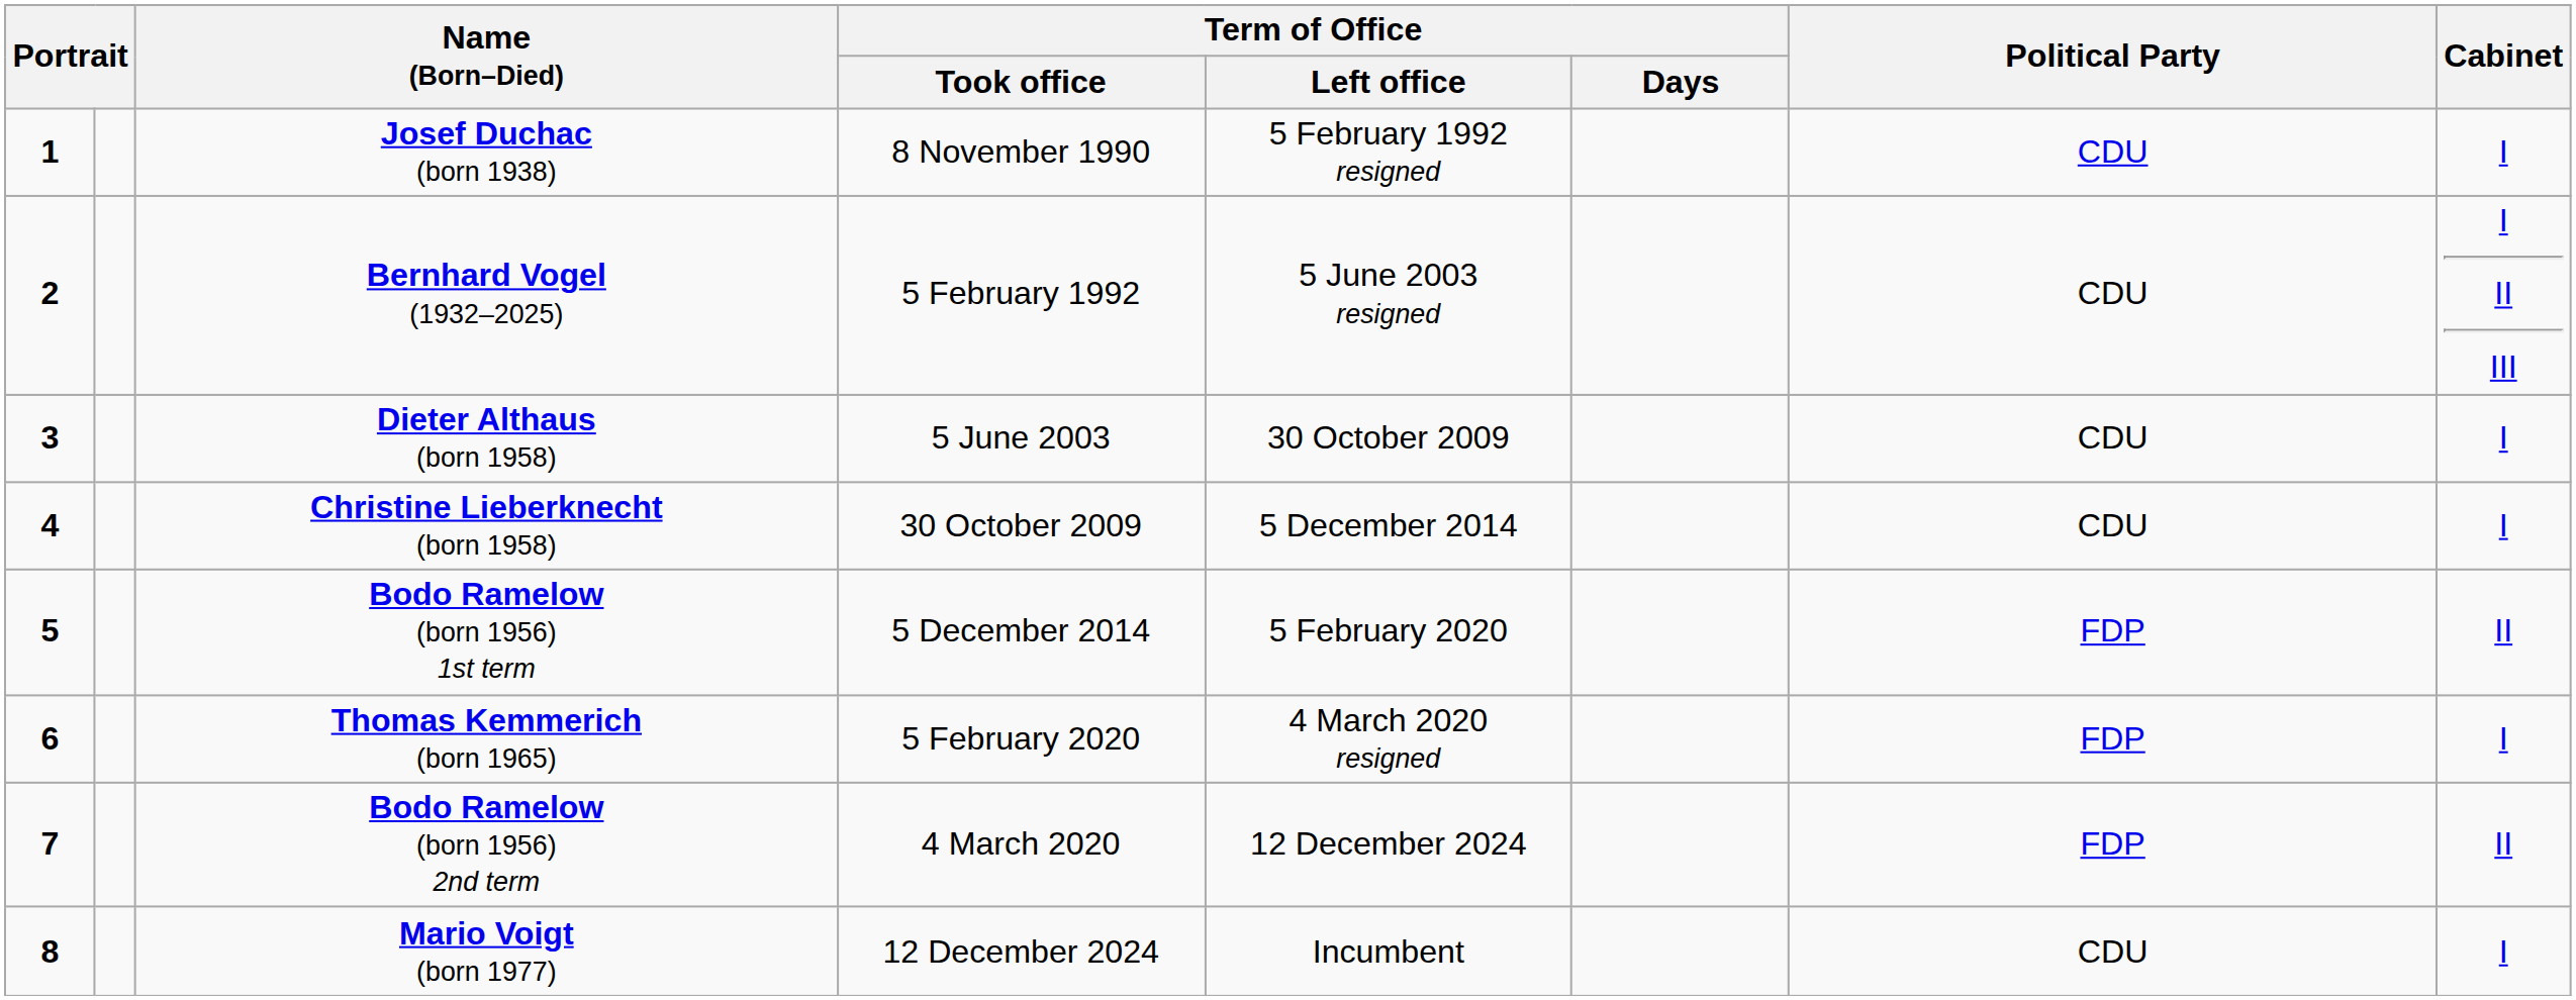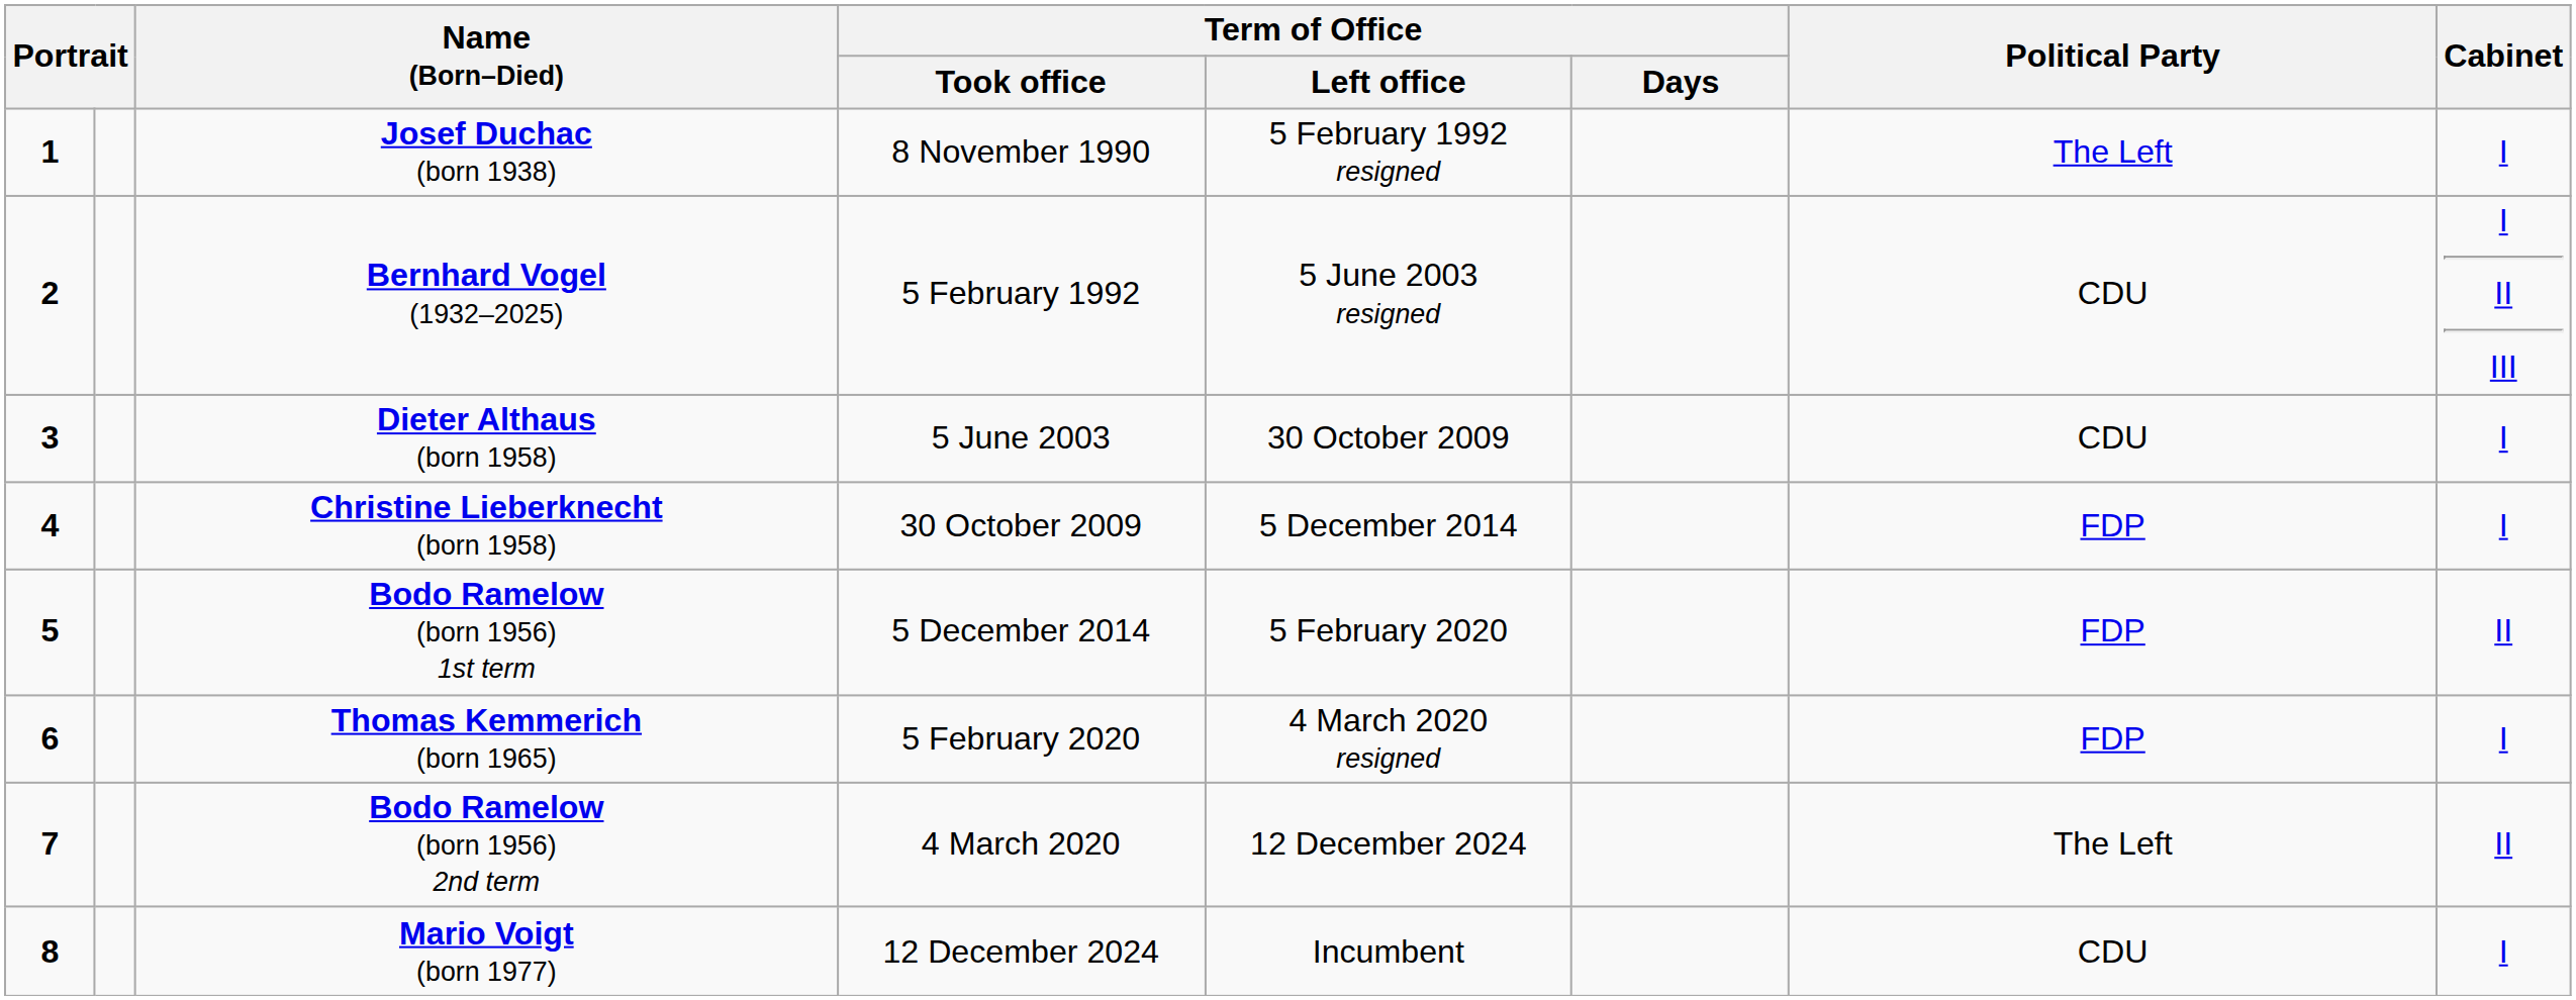 <table class="wikitable" style="text-align:center; width:100%; border:1px #AAAAFF solid">
 <tr>
 <th width=80px rowspan=2 colspan=2>Portrait</th>
 <th width=30% rowspan=2>Name<br><small>(Born–Died)</small></th>
 <th width=40% colspan=3>Term of Office</th>
 <th width=28% rowspan=2>Political Party</th>
 <th width=28% rowspan=2>Cabinet</th>
 </tr>
 <tr>
 <th width=140pt>Took office</th>
 <th width=140pt>Left office</th>
 <th width=80pt>Days</th>
 </tr>
 <tr>
 <td style="background:"><strong>1</strong></td>
 <td></td>
 <td><strong><a href='#'>Josef Duchac</a></strong><br><small>(born 1938)</small></td>
 <td>8 November 1990</td>
 <td>5 February 1992<br><small><em>resigned</em></small></td>
 <td></td>
-<td><a href='#'>CDU</a></td>
+<td><a href='#'>The Left</a></td>
 <td><a href='#'>I</a></td>
 </tr>
 <tr>
 <td style="background:"><strong>2</strong></td>
 <td></td>
 <td><strong><a href='#'>Bernhard Vogel</a></strong><br><small>(1932–2025)</small></td>
 <td>5 February 1992</td>
 <td>5 June 2003<br><small><em>resigned</em></small></td>
 <td></td>
 <td>CDU</td>
 <td><a href='#'>I</a><hr><a href='#'>II</a><hr><a href='#'>III</a></td>
 </tr>
 <tr>
 <td style="background:"><strong>3</strong></td>
 <td></td>
 <td><strong><a href='#'>Dieter Althaus</a></strong><br><small>(born 1958)</small></td>
 <td>5 June 2003</td>
 <td>30 October 2009</td>
 <td></td>
 <td>CDU</td>
 <td><a href='#'>I</a></td>
 </tr>
 <tr>
 <td style="background:"><strong>4</strong></td>
 <td></td>
 <td><strong><a href='#'>Christine Lieberknecht</a></strong><br><small>(born 1958)</small></td>
 <td>30 October 2009</td>
 <td>5 December 2014</td>
 <td></td>
-<td>CDU</td>
+<td><a href='#'>FDP</a></td>
 <td><a href='#'>I</a></td>
 </tr>
 <tr>
 <td style="background:"><strong>5</strong></td>
 <td></td>
 <td><strong><a href='#'>Bodo Ramelow</a></strong><br><small>(born 1956)<br><em>1st term</em></small></td>
 <td>5 December 2014</td>
 <td>5 February 2020</td>
 <td></td>
 <td><a href='#'>FDP</a></td>
 <td><a href='#'>II</a></td>
 </tr>
 <tr>
 <td style="background:"><strong>6</strong></td>
 <td></td>
 <td><strong><a href='#'>Thomas Kemmerich</a></strong><br><small>(born 1965)</small></td>
 <td>5 February 2020</td>
 <td>4 March 2020<br><small><em>resigned</em></small></td>
 <td></td>
 <td><a href='#'>FDP</a></td>
 <td><a href='#'>I</a></td>
 </tr>
 <tr>
 <td style="background:"><strong>7</strong></td>
 <td></td>
 <td><strong><a href='#'>Bodo Ramelow</a></strong><br><small>(born 1956)<br><em>2nd term</em></small></td>
 <td>4 March 2020</td>
 <td>12 December 2024</td>
 <td></td>
-<td><a href='#'>FDP</a></td>
+<td>The Left</td>
 <td><a href='#'>II</a></td>
 </tr>
 <tr>
 <td style="background:"><strong>8</strong></td>
 <td></td>
 <td><strong><a href='#'>Mario Voigt</a></strong><br><small>(born 1977)</small></td>
 <td>12 December 2024</td>
 <td>Incumbent</td>
 <td></td>
 <td>CDU</td>
 <td><a href='#'>I</a></td>
 </tr>
 </table>
